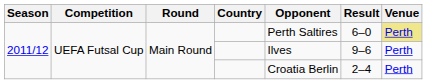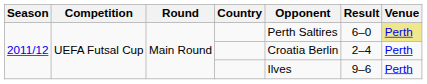 <table class="wikitable">
 <tr>
 <th>Season</th>
 <th>Competition</th>
 <th>Round</th>
 <th>Country</th>
 <th>Opponent</th>
 <th>Result</th>
 <th>Venue</th>
 </tr>
 <tr>
 <td rowspan=3><a href='#'>2011/12</a></td>
 <td rowspan=3 align=center>UEFA Futsal Cup</td>
 <td rowspan=3>Main Round</td>
 <td align=center></td>
 <td>Perth Saltires</td>
 <td align=center>6–0</td>
 <td style="background: khaki;"><a href='#'>Perth</a></td>
 </tr>
 <tr>
 <td align=center></td>
+<td>Croatia Berlin</td>
+<td align=center>2–4</td>
+<td><a href='#'>Perth</a></td>
+</tr>
+<tr>
+<td align=center></td>
 <td>Ilves</td>
 <td align=center>9–6</td>
 <td><a href='#'>Perth</a></td>
 </tr>
-<tr>
-<td align=center></td>
-<td>Croatia Berlin</td>
-<td align=center>2–4</td>
-<td><a href='#'>Perth</a></td>
-</tr>
 </table>
